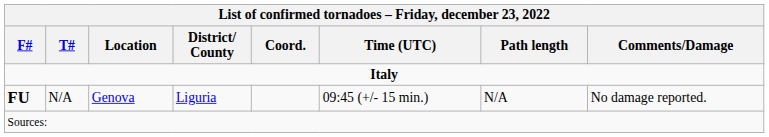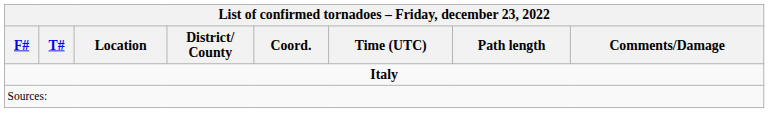 <table class="wikitable collapsible" width="100%">
 <tr>
 <th colspan="8">List of confirmed tornadoes – Friday, december 23, 2022</th>
 </tr>
 <tr>
 <th><a href='#'>F#</a></th>
 <th><a href='#'>T#</a></th>
 <th>Location</th>
 <th>District/<br>County</th>
 <th>Coord.</th>
 <th>Time (UTC)</th>
 <th>Path length</th>
 <th>Comments/Damage</th>
 </tr>
 <tr>
 <td colspan="8" align=center><strong>Italy</strong></td>
 </tr>
 <tr>
-<td><big><strong>FU</strong></big></td>
-<td>N/A</td>
-<td><a href='#'>Genova</a></td>
-<td><a href='#'>Liguria</a></td>
-<td></td>
-<td>09:45 (+/- 15 min.)</td>
-<td>N/A</td>
-<td>No damage reported.</td>
-</tr>
-<tr>
 <td colspan="8"><small>Sources:  </small></td>
 </tr>
 </table>
